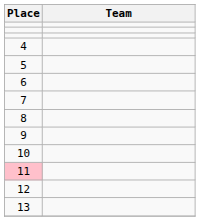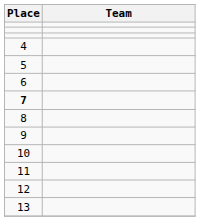 <table class="wikitable" style="text-align:center;">
 <tr>
 <th width=30>Place</th>
 <th width=175>Team</th>
 </tr>
 <tr>
 <td></td>
 <td align="left"></td>
 </tr>
 <tr>
 <td></td>
 <td align="left"></td>
 </tr>
 <tr>
 <td></td>
 <td align="left"></td>
 </tr>
 <tr>
 <td>4</td>
 <td align="left"></td>
 </tr>
 <tr>
 <td>5</td>
 <td align="left"></td>
 </tr>
 <tr>
 <td>6</td>
 <td align="left"></td>
 </tr>
 <tr>
-<td>7</td>
+<td><strong>7</strong></td>
 <td align="left"></td>
 </tr>
 <tr>
 <td>8</td>
 <td align="left"></td>
 </tr>
 <tr>
 <td>9</td>
 <td align="left"></td>
 </tr>
 <tr>
 <td>10</td>
 <td align="left"></td>
 </tr>
 <tr>
-<td style="background: pink;">11</td>
+<td>11</td>
 <td align="left"></td>
 </tr>
 <tr>
 <td>12</td>
 <td align="left"></td>
 </tr>
 <tr>
 <td>13</td>
 <td align="left"></td>
 </tr>
 <tr>
 </tr>
 </table>
